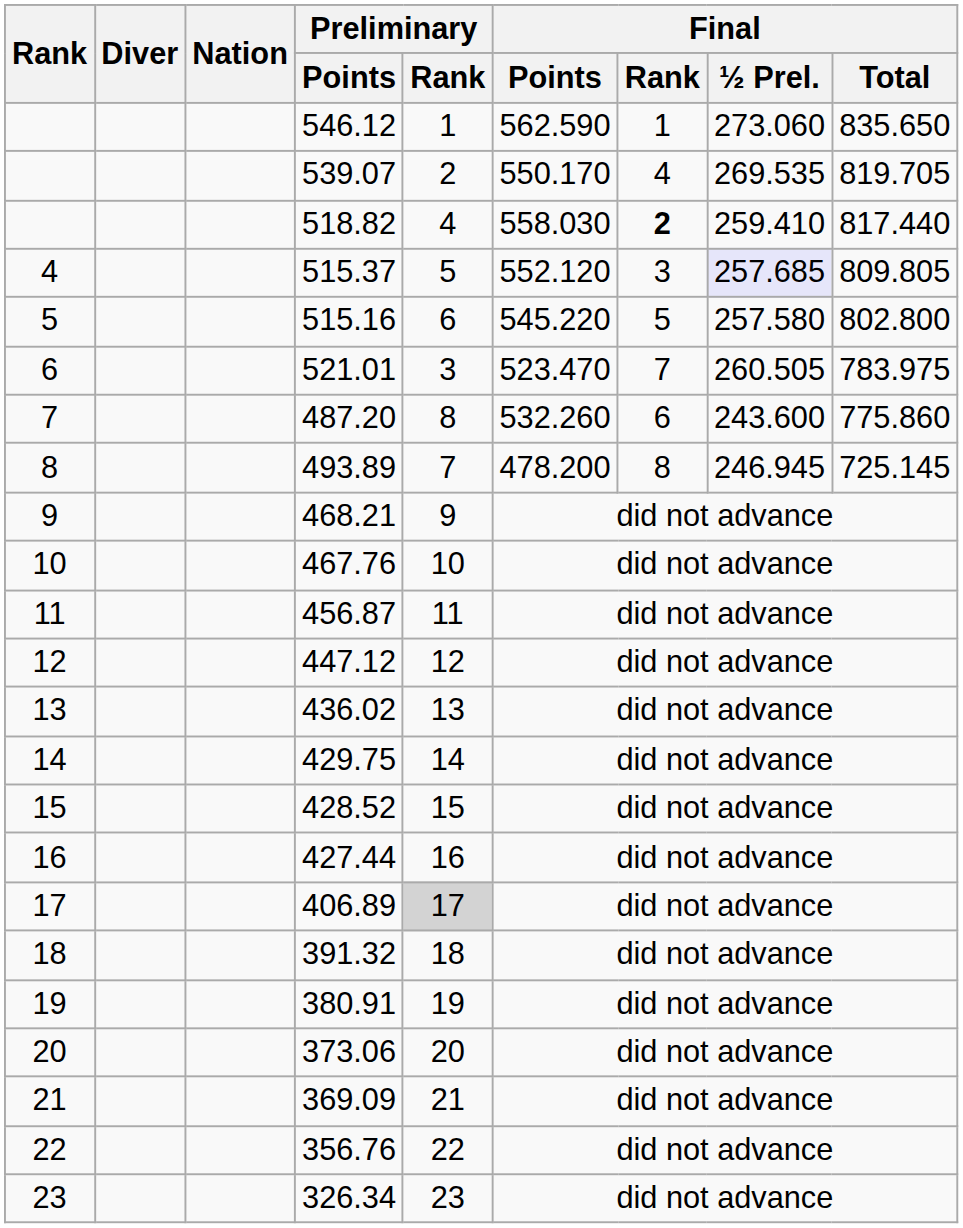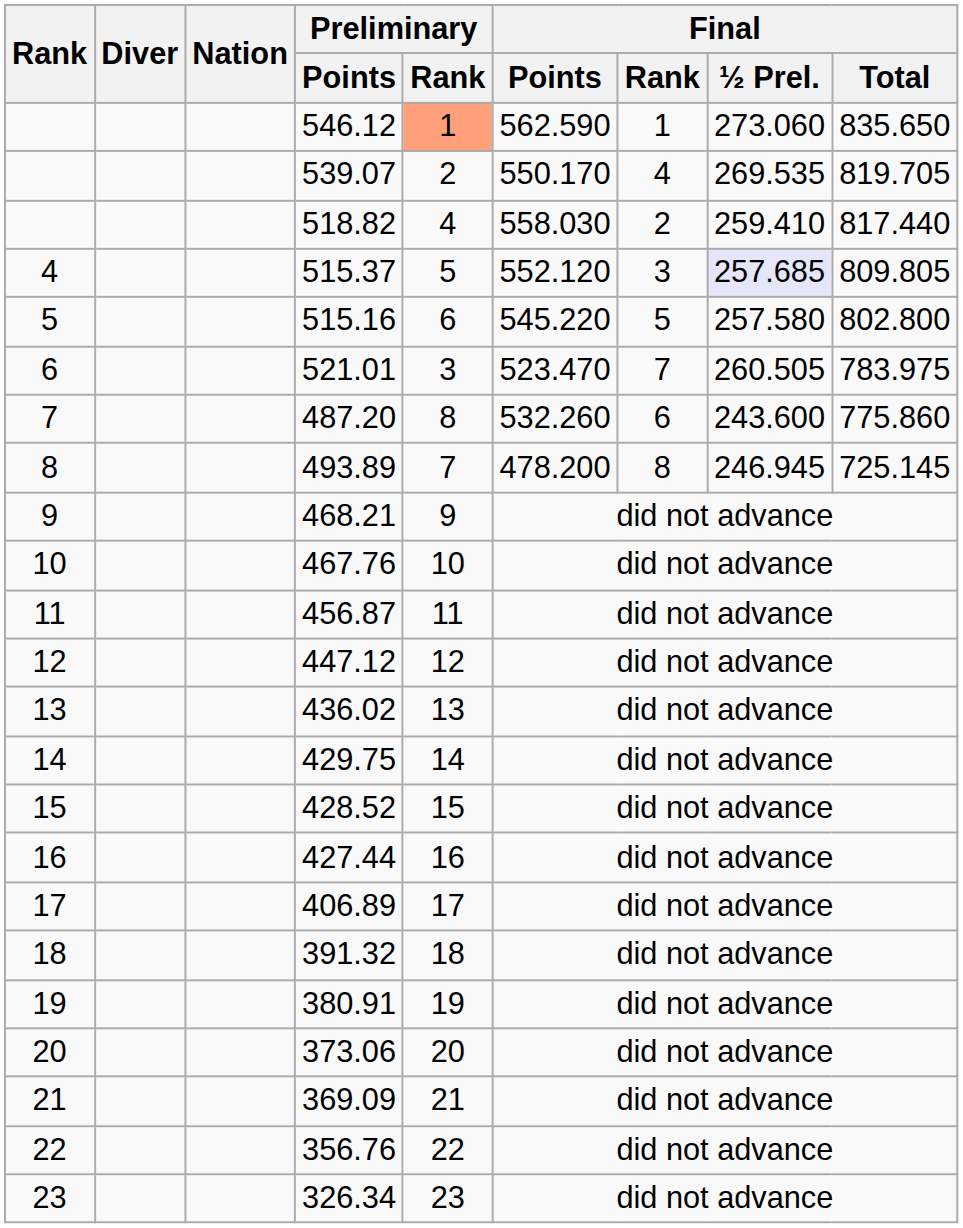 <table class="wikitable sortable" style="text-align:center;">
 <tr>
 <th rowspan=2>Rank</th>
 <th rowspan=2>Diver</th>
 <th rowspan=2>Nation</th>
 <th colspan=2>Preliminary</th>
 <th colspan=4>Final</th>
 </tr>
 <tr>
 <th>Points</th>
 <th>Rank</th>
 <th>Points</th>
 <th>Rank</th>
 <th>½ Prel.</th>
 <th>Total</th>
 </tr>
 <tr>
 <td></td>
 <td align=left></td>
 <td align=left></td>
 <td>546.12</td>
-<td>1</td>
+<td style="background: lightsalmon;">1</td>
 <td>562.590</td>
 <td>1</td>
 <td>273.060</td>
 <td>835.650</td>
 </tr>
 <tr>
 <td></td>
 <td align=left></td>
 <td align=left></td>
 <td>539.07</td>
 <td>2</td>
 <td>550.170</td>
 <td>4</td>
 <td>269.535</td>
 <td>819.705</td>
 </tr>
 <tr>
 <td></td>
 <td align=left></td>
 <td align=left></td>
 <td>518.82</td>
 <td>4</td>
 <td>558.030</td>
-<td><strong>2</strong></td>
+<td>2</td>
 <td>259.410</td>
 <td>817.440</td>
 </tr>
 <tr>
 <td>4</td>
 <td align=left></td>
 <td align=left></td>
 <td>515.37</td>
 <td>5</td>
 <td>552.120</td>
 <td>3</td>
 <td style="background: lavender;">257.685</td>
 <td>809.805</td>
 </tr>
 <tr>
 <td>5</td>
 <td align=left></td>
 <td align=left></td>
 <td>515.16</td>
 <td>6</td>
 <td>545.220</td>
 <td>5</td>
 <td>257.580</td>
 <td>802.800</td>
 </tr>
 <tr>
 <td>6</td>
 <td align=left></td>
 <td align=left></td>
 <td>521.01</td>
 <td>3</td>
 <td>523.470</td>
 <td>7</td>
 <td>260.505</td>
 <td>783.975</td>
 </tr>
 <tr>
 <td>7</td>
 <td align=left></td>
 <td align=left></td>
 <td>487.20</td>
 <td>8</td>
 <td>532.260</td>
 <td>6</td>
 <td>243.600</td>
 <td>775.860</td>
 </tr>
 <tr>
 <td>8</td>
 <td align=left></td>
 <td align=left></td>
 <td>493.89</td>
 <td>7</td>
 <td>478.200</td>
 <td>8</td>
 <td>246.945</td>
 <td>725.145</td>
 </tr>
 <tr>
 <td>9</td>
 <td align=left></td>
 <td align=left></td>
 <td>468.21</td>
 <td>9</td>
 <td colspan=4>did not advance</td>
 </tr>
 <tr>
 <td>10</td>
 <td align=left></td>
 <td align=left></td>
 <td>467.76</td>
 <td>10</td>
 <td colspan=4>did not advance</td>
 </tr>
 <tr>
 <td>11</td>
 <td align=left></td>
 <td align=left></td>
 <td>456.87</td>
 <td>11</td>
 <td colspan=4>did not advance</td>
 </tr>
 <tr>
 <td>12</td>
 <td align=left></td>
 <td align=left></td>
 <td>447.12</td>
 <td>12</td>
 <td colspan=4>did not advance</td>
 </tr>
 <tr>
 <td>13</td>
 <td align=left></td>
 <td align=left></td>
 <td>436.02</td>
 <td>13</td>
 <td colspan=4>did not advance</td>
 </tr>
 <tr>
 <td>14</td>
 <td align=left></td>
 <td align=left></td>
 <td>429.75</td>
 <td>14</td>
 <td colspan=4>did not advance</td>
 </tr>
 <tr>
 <td>15</td>
 <td align=left></td>
 <td align=left></td>
 <td>428.52</td>
 <td>15</td>
 <td colspan=4>did not advance</td>
 </tr>
 <tr>
 <td>16</td>
 <td align=left></td>
 <td align=left></td>
 <td>427.44</td>
 <td>16</td>
 <td colspan=4>did not advance</td>
 </tr>
 <tr>
 <td>17</td>
 <td align=left></td>
 <td align=left></td>
 <td>406.89</td>
-<td style="background: lightgrey;">17</td>
+<td>17</td>
 <td colspan=4>did not advance</td>
 </tr>
 <tr>
 <td>18</td>
 <td align=left></td>
 <td align=left></td>
 <td>391.32</td>
 <td>18</td>
 <td colspan=4>did not advance</td>
 </tr>
 <tr>
 <td>19</td>
 <td align=left></td>
 <td align=left></td>
 <td>380.91</td>
 <td>19</td>
 <td colspan=4>did not advance</td>
 </tr>
 <tr>
 <td>20</td>
 <td align=left></td>
 <td align=left></td>
 <td>373.06</td>
 <td>20</td>
 <td colspan=4>did not advance</td>
 </tr>
 <tr>
 <td>21</td>
 <td align=left></td>
 <td align=left></td>
 <td>369.09</td>
 <td>21</td>
 <td colspan=4>did not advance</td>
 </tr>
 <tr>
 <td>22</td>
 <td align=left></td>
 <td align=left></td>
 <td>356.76</td>
 <td>22</td>
 <td colspan=4>did not advance</td>
 </tr>
 <tr>
 <td>23</td>
 <td align=left></td>
 <td align=left></td>
 <td>326.34</td>
 <td>23</td>
 <td colspan=4>did not advance</td>
 </tr>
 </table>
